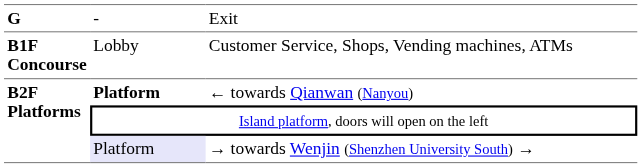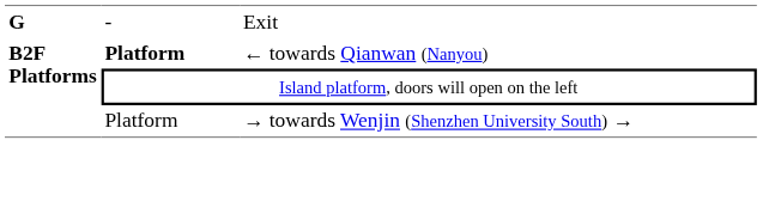 <table table border=0 cellspacing=0 cellpadding=3>
 <tr>
 <td style="border-top:solid 1px gray;" width=50 valign=top><strong>G</strong></td>
 <td style="border-top:solid 1px gray;" width=100 valign=top>-</td>
 <td style="border-top:solid 1px gray;" width=390 valign=top>Exit</td>
-</tr>
-<tr>
-<td style="border-bottom:solid 1px gray; border-top:solid 1px gray;" valign=top width=50><strong>B1F<br>Concourse</strong></td>
-<td style="border-bottom:solid 1px gray; border-top:solid 1px gray;" valign=top width=100>Lobby</td>
-<td style="border-bottom:solid 1px gray; border-top:solid 1px gray;" valign=top width=390>Customer Service, Shops, Vending machines, ATMs</td>
 </tr>
 <tr>
 <td style="border-bottom:solid 1px gray;" rowspan="3" valign=top><strong>B2F<br>Platforms</strong></td>
 <td><strong>Platform</strong></td>
 <td>←  towards <a href='#'>Qianwan</a> <small>(<a href='#'>Nanyou</a>)</small></td>
 </tr>
 <tr>
 <td style="border-right:solid 2px black;border-left:solid 2px black;border-top:solid 2px black;border-bottom:solid 2px black;text-align:center;" colspan=2><small><a href='#'>Island platform</a>, doors will open on the left</small></td>
 </tr>
 <tr>
-<td style="background: lavender; border-bottom:solid 1px gray;">Platform</td>
+<td style="border-bottom:solid 1px gray;">Platform</td>
 <td style="border-bottom:solid 1px gray;"><span>→</span>  towards <a href='#'>Wenjin</a> <small>(<a href='#'>Shenzhen University South</a>)</small> →</td>
 </tr>
 </table>
